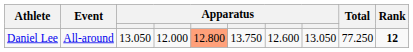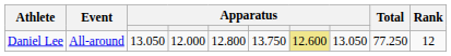 <table class="wikitable" style="font-size:90%">
 <tr>
 <th rowspan=2>Athlete</th>
 <th rowspan=2>Event</th>
 <th colspan=6>Apparatus</th>
 <th rowspan=2>Total</th>
 <th rowspan=2>Rank</th>
 </tr>
 <tr style="font-size:95%">
 <th></th>
 <th></th>
 <th></th>
 <th></th>
 <th></th>
 <th></th>
 </tr>
 <tr align=center>
 <td align=left><a href='#'>Daniel Lee</a></td>
 <td align=left><a href='#'>All-around</a></td>
 <td>13.050</td>
 <td>12.000</td>
-<td style="background: lightsalmon;">12.800</td>
+<td>12.800</td>
 <td>13.750</td>
-<td>12.600</td>
+<td style="background: khaki;">12.600</td>
 <td>13.050</td>
 <td>77.250</td>
-<td><strong>12</strong></td>
+<td>12</td>
 </tr>
 </table>
